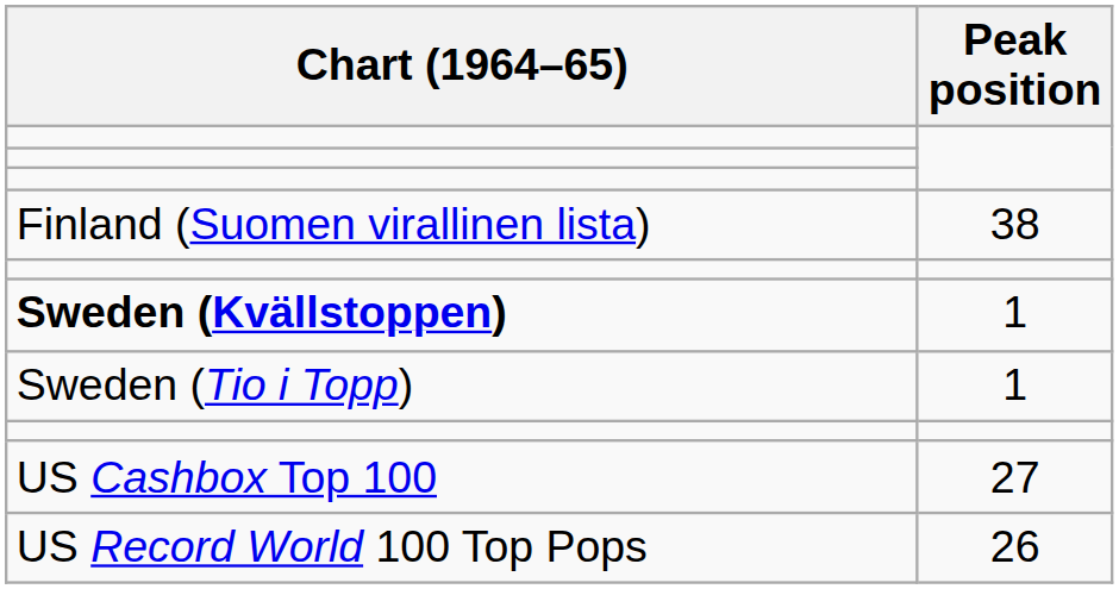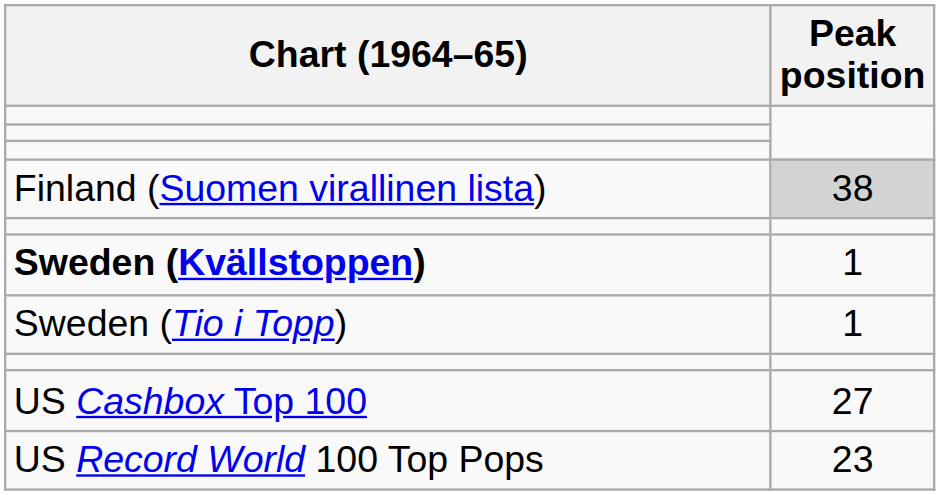 <table class="wikitable sortable">
 <tr>
 <th style="width:20em;">Chart (1964–65)</th>
 <th>Peak<br>position</th>
 </tr>
 <tr>
 <td></td>
 </tr>
 <tr>
 <td></td>
 </tr>
 <tr>
 <td></td>
 </tr>
 <tr>
 <td>Finland (<a href='#'>Suomen virallinen lista</a>)</td>
-<td style="text-align:center;">38</td>
+<td style="background: lightgrey; text-align:center;">38</td>
 </tr>
 <tr>
 <td></td>
 </tr>
 <tr>
 <td><strong>Sweden (<a href='#'>Kvällstoppen</a>)</strong></td>
 <td style="text-align:center;">1</td>
 </tr>
 <tr>
 <td>Sweden (<em><a href='#'>Tio i Topp</a></em>)</td>
 <td style="text-align:center;">1</td>
 </tr>
 <tr>
 <td></td>
 </tr>
 <tr>
 <td>US <a href='#'><em>Cashbox</em> Top 100</a></td>
 <td style="text-align:center;">27</td>
 </tr>
 <tr>
 <td>US <em><a href='#'>Record World</a></em> 100 Top Pops</td>
-<td style="text-align:center;">26</td>
+<td style="text-align:center;">23</td>
 </tr>
 </table>
